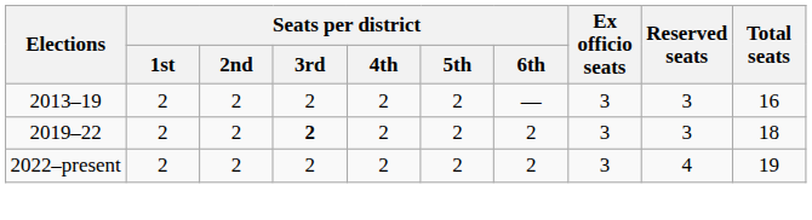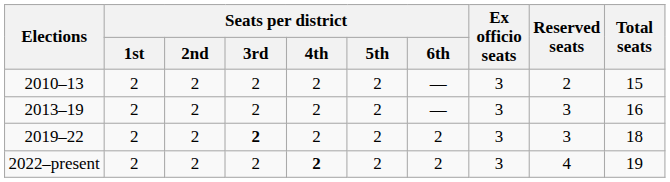 <table class="wikitable" style="text-align:center">
 <tr>
 <th rowspan="2">Elections</th>
 <th colspan="6">Seats per district</th>
 <th rowspan="2" width="50px">Ex officio seats</th>
 <th rowspan="2" width="50px">Reserved seats</th>
 <th rowspan="2" width="50px">Total seats</th>
 </tr>
 <tr>
 <th width="50px">1st</th>
 <th width="50px">2nd</th>
 <th width="50px">3rd</th>
 <th width="50px">4th</th>
 <th width="50px">5th</th>
 <th width="50px">6th</th>
+</tr>
+<tr>
+<td>2010–13</td>
+<td>2</td>
+<td>2</td>
+<td>2</td>
+<td>2</td>
+<td>2</td>
+<td>—</td>
+<td>3</td>
+<td>2</td>
+<td>15</td>
 </tr>
 <tr>
 <td>2013–19</td>
 <td>2</td>
 <td>2</td>
 <td>2</td>
 <td>2</td>
 <td>2</td>
 <td>—</td>
 <td>3</td>
 <td>3</td>
 <td>16</td>
 </tr>
 <tr>
 <td>2019–22</td>
 <td>2</td>
 <td>2</td>
 <td><strong>2</strong></td>
 <td>2</td>
 <td>2</td>
 <td>2</td>
 <td>3</td>
 <td>3</td>
 <td>18</td>
 </tr>
 <tr>
 <td>2022–present</td>
 <td>2</td>
 <td>2</td>
 <td>2</td>
-<td>2</td>
+<td><strong>2</strong></td>
 <td>2</td>
 <td>2</td>
 <td>3</td>
 <td>4</td>
 <td>19</td>
 </tr>
 </table>
